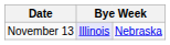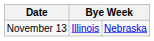 <table class="wikitable" style="font-size:95%;">
 <tr>
 <th>Date</th>
 <th colspan="2">Bye Week</th>
 </tr>
 <tr>
 <td>November 13</td>
-<td style="background: lavender;"><a href='#'>Illinois</a></td>
+<td><a href='#'>Illinois</a></td>
 <td><a href='#'>Nebraska</a></td>
 </tr>
 </table>
